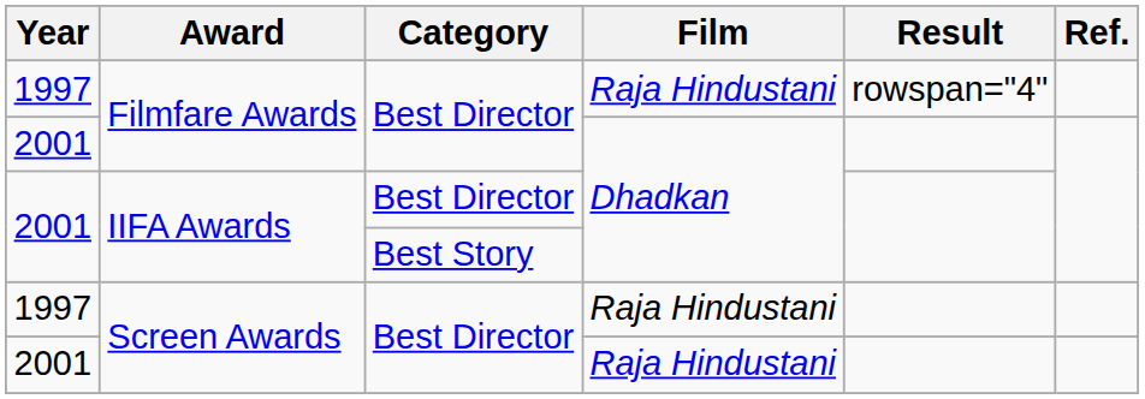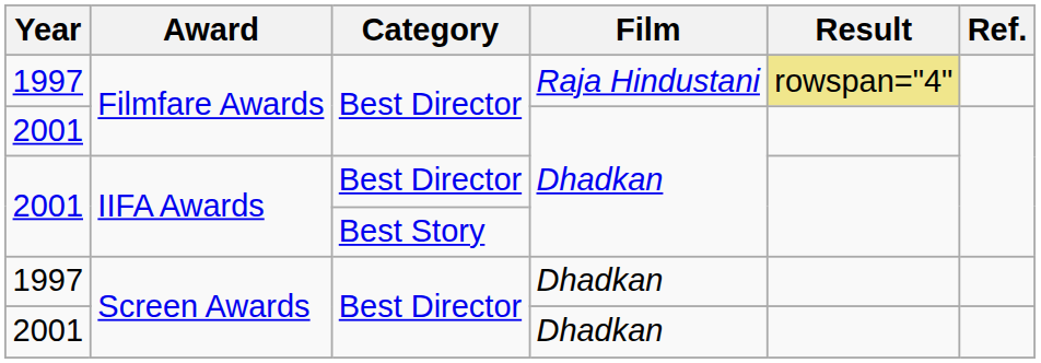 <table class="wikitable">
 <tr>
 <th>Year</th>
 <th>Award</th>
 <th>Category</th>
 <th>Film</th>
 <th>Result</th>
 <th>Ref.</th>
 </tr>
 <tr>
 <td><a href='#'>1997</a></td>
 <td rowspan="2"><a href='#'>Filmfare Awards</a></td>
 <td rowspan="2"><a href='#'>Best Director</a></td>
 <td><em><a href='#'>Raja Hindustani</a></em></td>
-<td>rowspan="4"</td>
+<td style="background: khaki;">rowspan="4"</td>
 <td></td>
 </tr>
 <tr>
 <td><a href='#'>2001</a></td>
 <td rowspan="3"><a href='#'><em>Dhadkan</em></a></td>
 <td></td>
 </tr>
 <tr>
 <td rowspan="2"><a href='#'>2001</a></td>
 <td rowspan="2"><a href='#'>IIFA Awards</a></td>
 <td><a href='#'>Best Director</a></td>
 <td rowspan="2"></td>
 </tr>
 <tr>
 <td><a href='#'>Best Story</a></td>
 </tr>
 <tr>
 <td>1997</td>
 <td rowspan="2"><a href='#'>Screen Awards</a></td>
 <td rowspan="2"><a href='#'>Best Director</a></td>
-<td><em>Raja Hindustani</em></td>
+<td><em>Dhadkan</em></td>
 <td></td>
 <td></td>
 </tr>
 <tr>
 <td>2001</td>
-<td><em><a href='#'>Raja Hindustani</a></em></td>
+<td><em>Dhadkan</em></td>
 <td></td>
 <td></td>
 </tr>
 </table>
